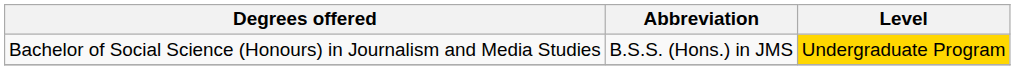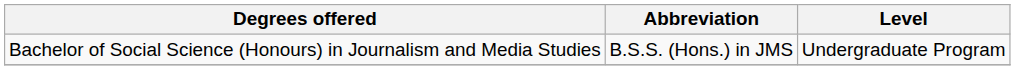 <table class="wikitable">
 <tr>
 <th>Degrees offered</th>
 <th>Abbreviation</th>
 <th>Level</th>
 </tr>
 <tr>
 <td>Bachelor of Social Science (Honours) in Journalism and Media Studies</td>
 <td>B.S.S. (Hons.) in JMS</td>
-<td style="background: gold;">Undergraduate Program</td>
+<td>Undergraduate Program</td>
 </tr>
 <tr>
 </tr>
 </table>
